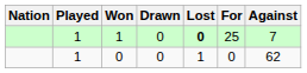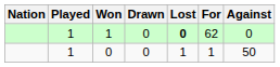 <table class="wikitable" style="text-align:center;">
 <tr>
 <th>Nation</th>
 <th>Played</th>
 <th>Won</th>
 <th>Drawn</th>
 <th>Lost</th>
 <th>For</th>
 <th>Against</th>
 </tr>
 <tr bgcolor=ccffcc>
 <td align=left></td>
 <td>1</td>
 <td>1</td>
 <td>0</td>
 <td><strong>0</strong></td>
-<td>25</td>
-<td>7</td>
+<td>62</td>
+<td>0</td>
 </tr>
 <tr>
 <td align=left></td>
 <td>1</td>
 <td>0</td>
 <td>0</td>
 <td>1</td>
-<td>0</td>
-<td>62</td>
+<td>1</td>
+<td>50</td>
 </tr>
 </table>
